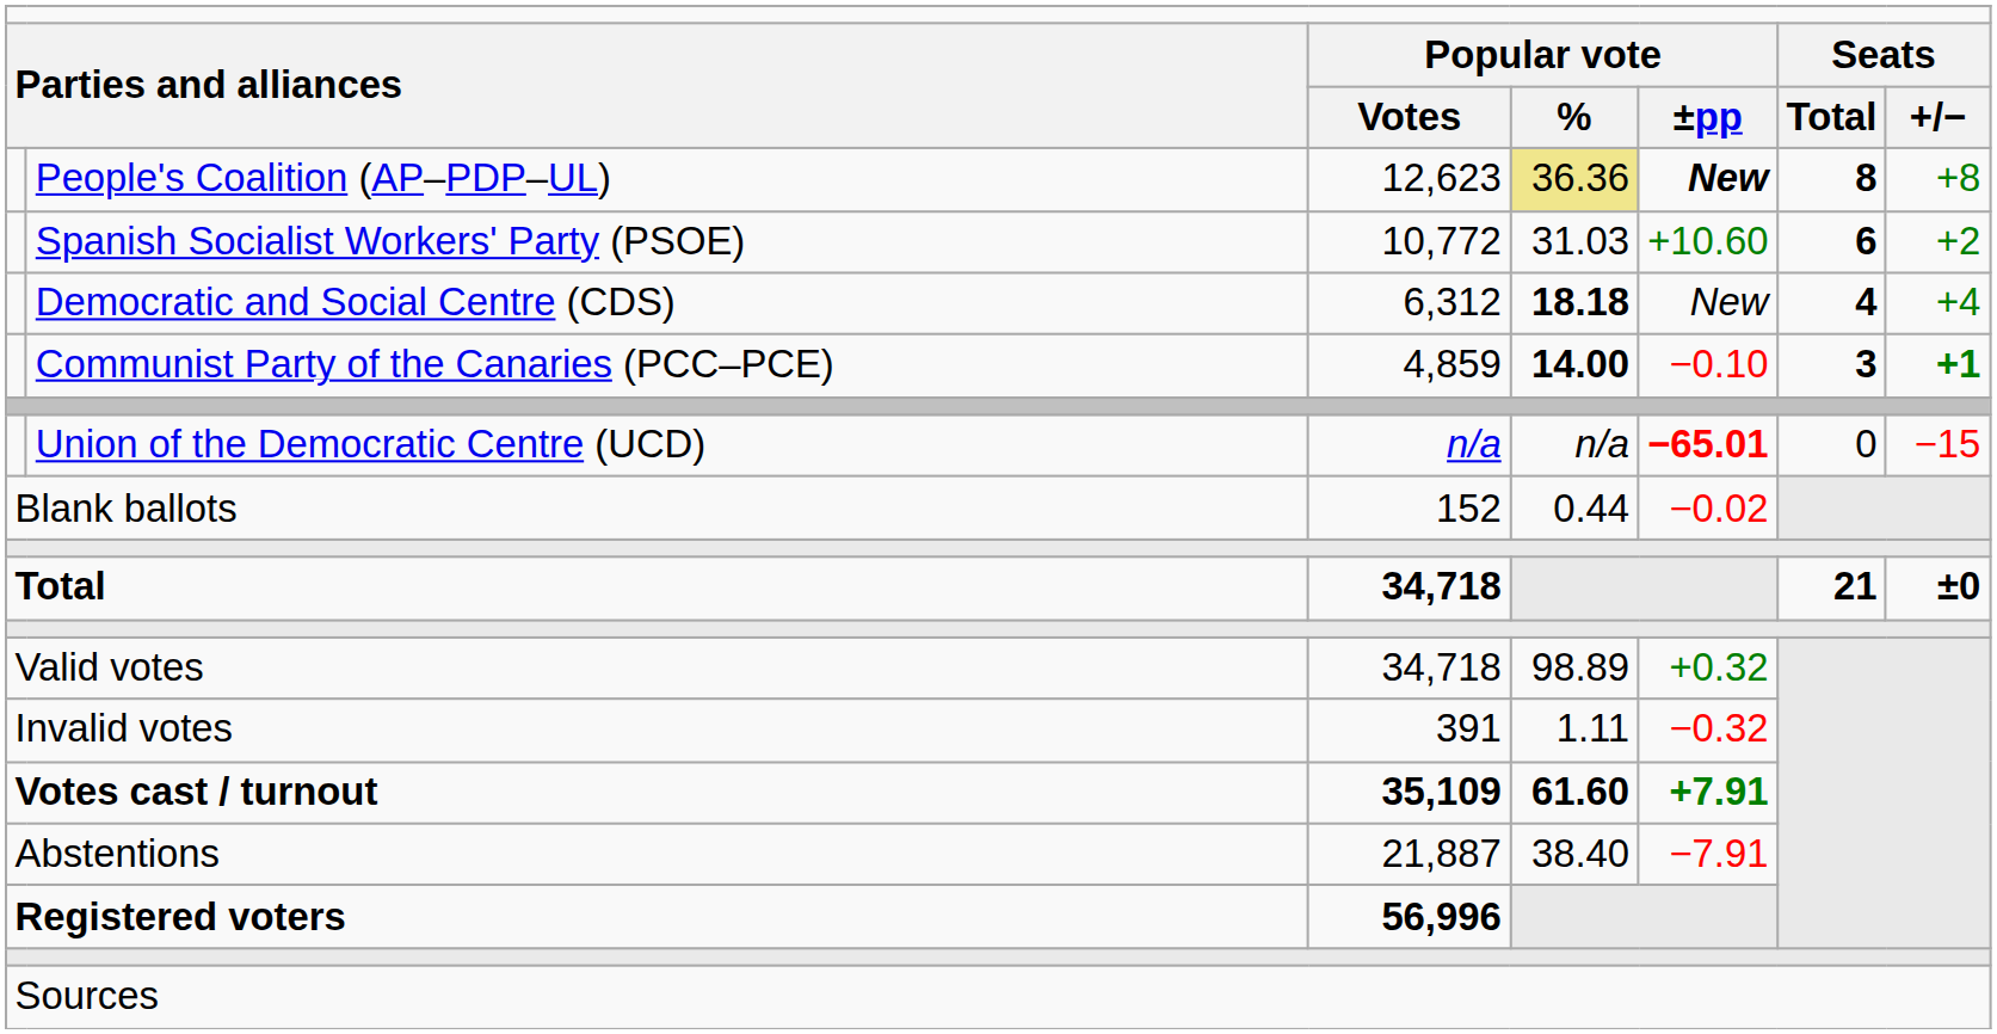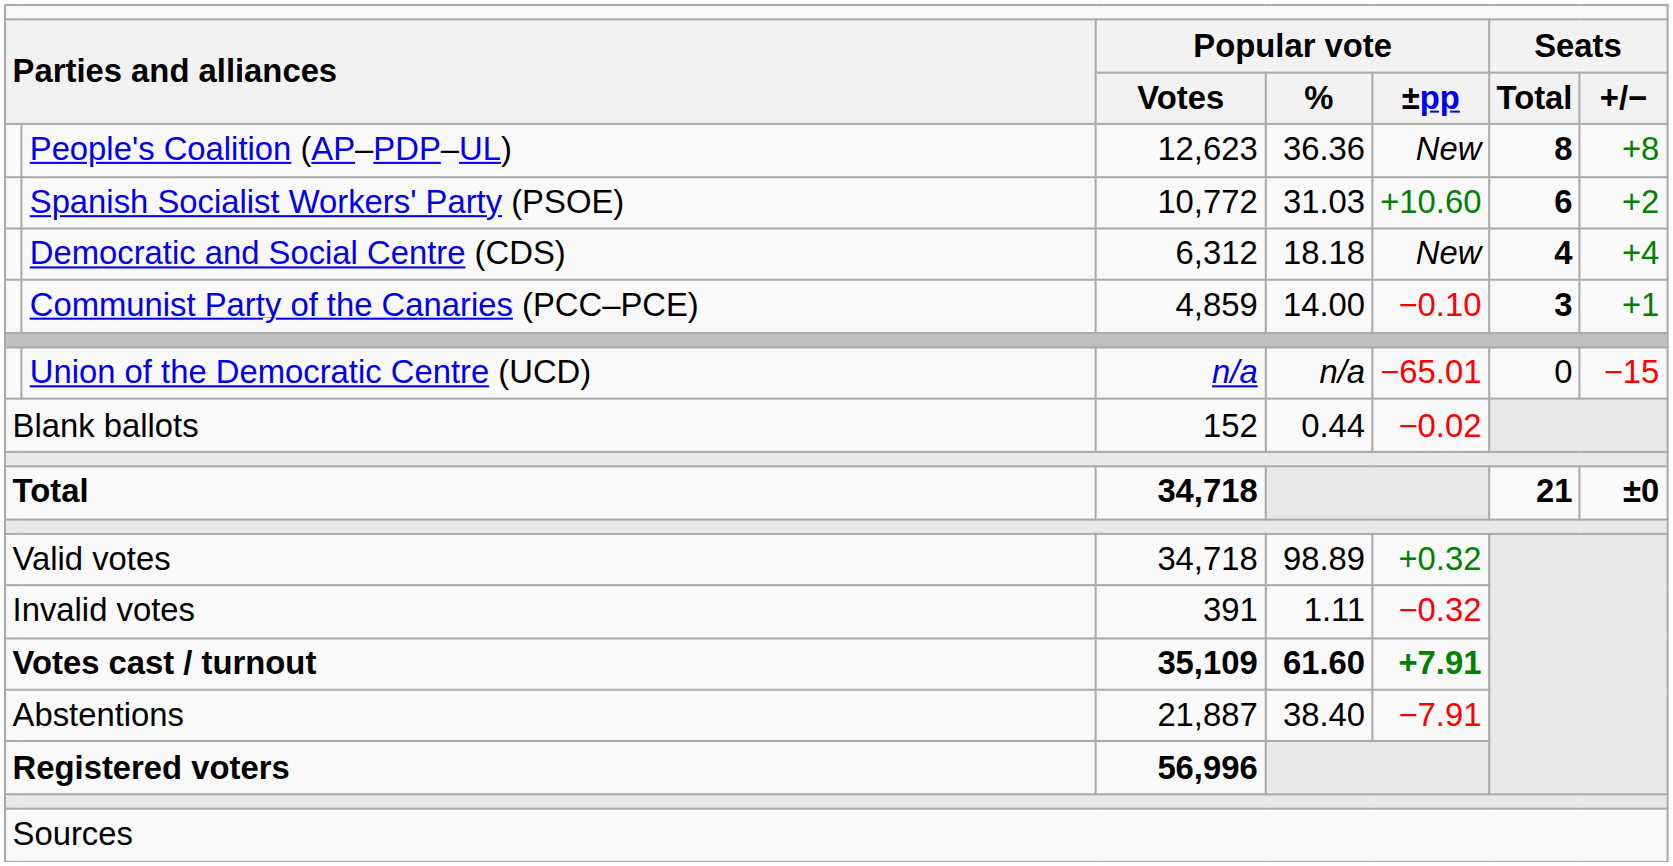 <table class="wikitable" style="text-align:right;">
 <tr>
 <td colspan="7"></td>
 </tr>
 <tr>
 <th style="text-align:left;" rowspan="2" colspan="2" width="525">Parties and alliances</th>
 <th colspan="3">Popular vote</th>
 <th colspan="2">Seats</th>
 </tr>
 <tr>
 <th width="75">Votes</th>
 <th width="45">%</th>
 <th width="45">±<a href='#'>pp</a></th>
 <th width="35">Total</th>
 <th width="35">+/−</th>
 </tr>
 <tr>
 <td width="1" style="color:inherit;background:"></td>
 <td align="left"><a href='#'>People's Coalition</a> (<a href='#'>AP</a>–<a href='#'>PDP</a>–<a href='#'>UL</a>)</td>
 <td>12,623</td>
-<td style="background: khaki;">36.36</td>
-<td><strong><em>New</em></strong></td>
+<td>36.36</td>
+<td><em>New</em></td>
 <td><strong>8</strong></td>
 <td style="color:green;">+8</td>
 </tr>
 <tr>
 <td style="color:inherit;background:"></td>
 <td align="left"><a href='#'>Spanish Socialist Workers' Party</a> (PSOE)</td>
 <td>10,772</td>
 <td>31.03</td>
 <td style="color:green;">+10.60</td>
 <td><strong>6</strong></td>
 <td style="color:green;">+2</td>
 </tr>
 <tr>
 <td style="color:inherit;background:"></td>
 <td align="left"><a href='#'>Democratic and Social Centre</a> (CDS)</td>
 <td>6,312</td>
-<td><strong>18.18</strong></td>
+<td>18.18</td>
 <td><em>New</em></td>
 <td><strong>4</strong></td>
 <td style="color:green;">+4</td>
 </tr>
 <tr>
 <td style="color:inherit;background:"></td>
 <td align="left"><a href='#'>Communist Party of the Canaries</a> (PCC–PCE)</td>
 <td>4,859</td>
-<td><strong>14.00</strong></td>
+<td>14.00</td>
 <td style="color:red;">−0.10</td>
 <td><strong>3</strong></td>
-<td style="color:green;"><strong>+1</strong></td>
+<td style="color:green;">+1</td>
 </tr>
 <tr>
 <td colspan="7" bgcolor="#C0C0C0"></td>
 </tr>
 <tr>
 <td style="color:inherit;background:"></td>
 <td align="left"><a href='#'>Union of the Democratic Centre</a> (UCD)</td>
 <td><em><a href='#'>n/a</a></em></td>
 <td><em>n/a</em></td>
-<td style="color:red;"><strong>−65.01</strong></td>
+<td style="color:red;">−65.01</td>
 <td>0</td>
 <td style="color:red;">−15</td>
 </tr>
 <tr>
 <td align="left" colspan="2">Blank ballots</td>
 <td>152</td>
 <td>0.44</td>
 <td style="color:red;">−0.02</td>
 <td bgcolor="#E9E9E9" colspan="2"></td>
 </tr>
 <tr>
 <td colspan="7" bgcolor="#E9E9E9"></td>
 </tr>
 <tr style="font-weight:bold;">
 <td align="left" colspan="2">Total</td>
 <td>34,718</td>
 <td bgcolor="#E9E9E9" colspan="2"></td>
 <td>21</td>
 <td>±0</td>
 </tr>
 <tr>
 <td colspan="7" bgcolor="#E9E9E9"></td>
 </tr>
 <tr>
 <td align="left" colspan="2">Valid votes</td>
 <td>34,718</td>
 <td>98.89</td>
 <td style="color:green;">+0.32</td>
 <td bgcolor="#E9E9E9" colspan="2" rowspan="5"></td>
 </tr>
 <tr>
 <td align="left" colspan="2">Invalid votes</td>
 <td>391</td>
 <td>1.11</td>
 <td style="color:red;">−0.32</td>
 </tr>
 <tr style="font-weight:bold;">
 <td align="left" colspan="2">Votes cast / turnout</td>
 <td>35,109</td>
 <td>61.60</td>
 <td style="color:green;">+7.91</td>
 </tr>
 <tr>
 <td align="left" colspan="2">Abstentions</td>
 <td>21,887</td>
 <td>38.40</td>
 <td style="color:red;">−7.91</td>
 </tr>
 <tr style="font-weight:bold;">
 <td align="left" colspan="2">Registered voters</td>
 <td>56,996</td>
 <td bgcolor="#E9E9E9" colspan="2"></td>
 </tr>
 <tr>
 <td colspan="7" bgcolor="#E9E9E9"></td>
 </tr>
 <tr>
 <td align="left" colspan="7">Sources</td>
 </tr>
 </table>
